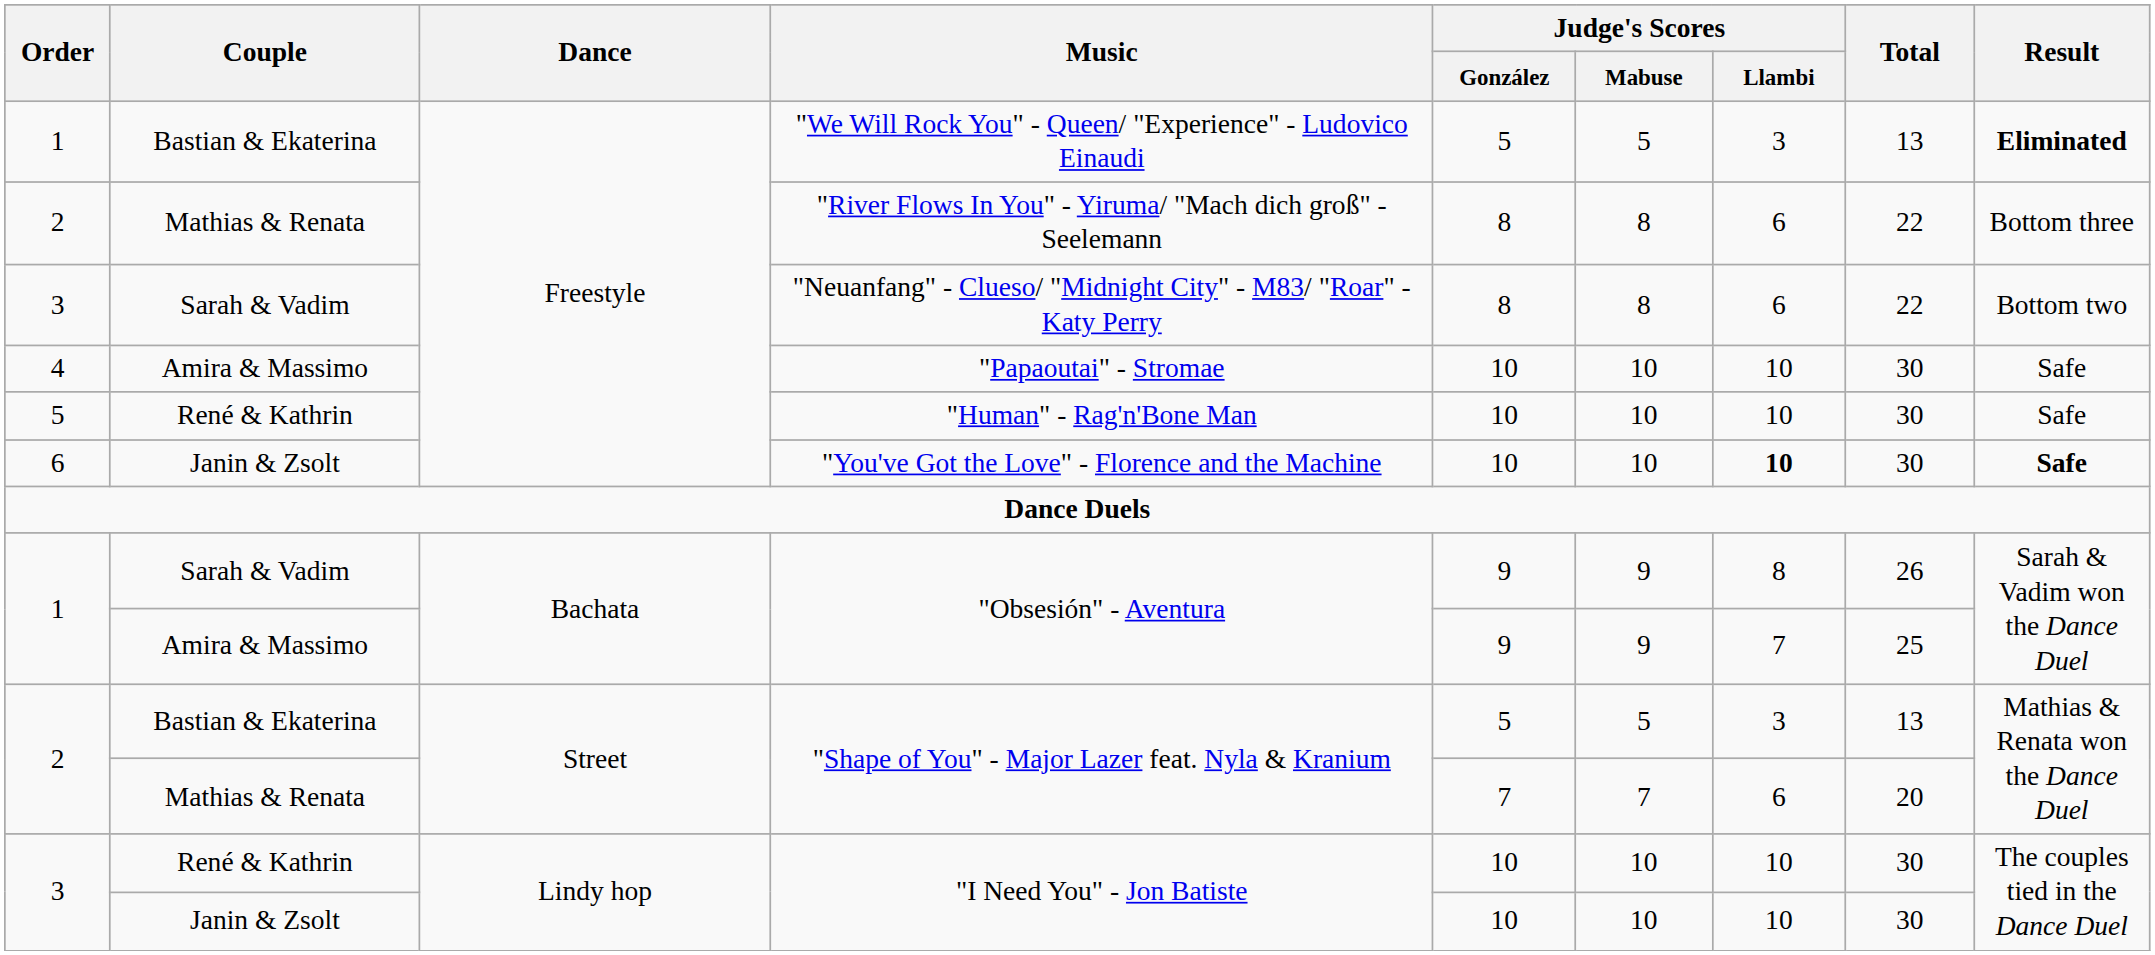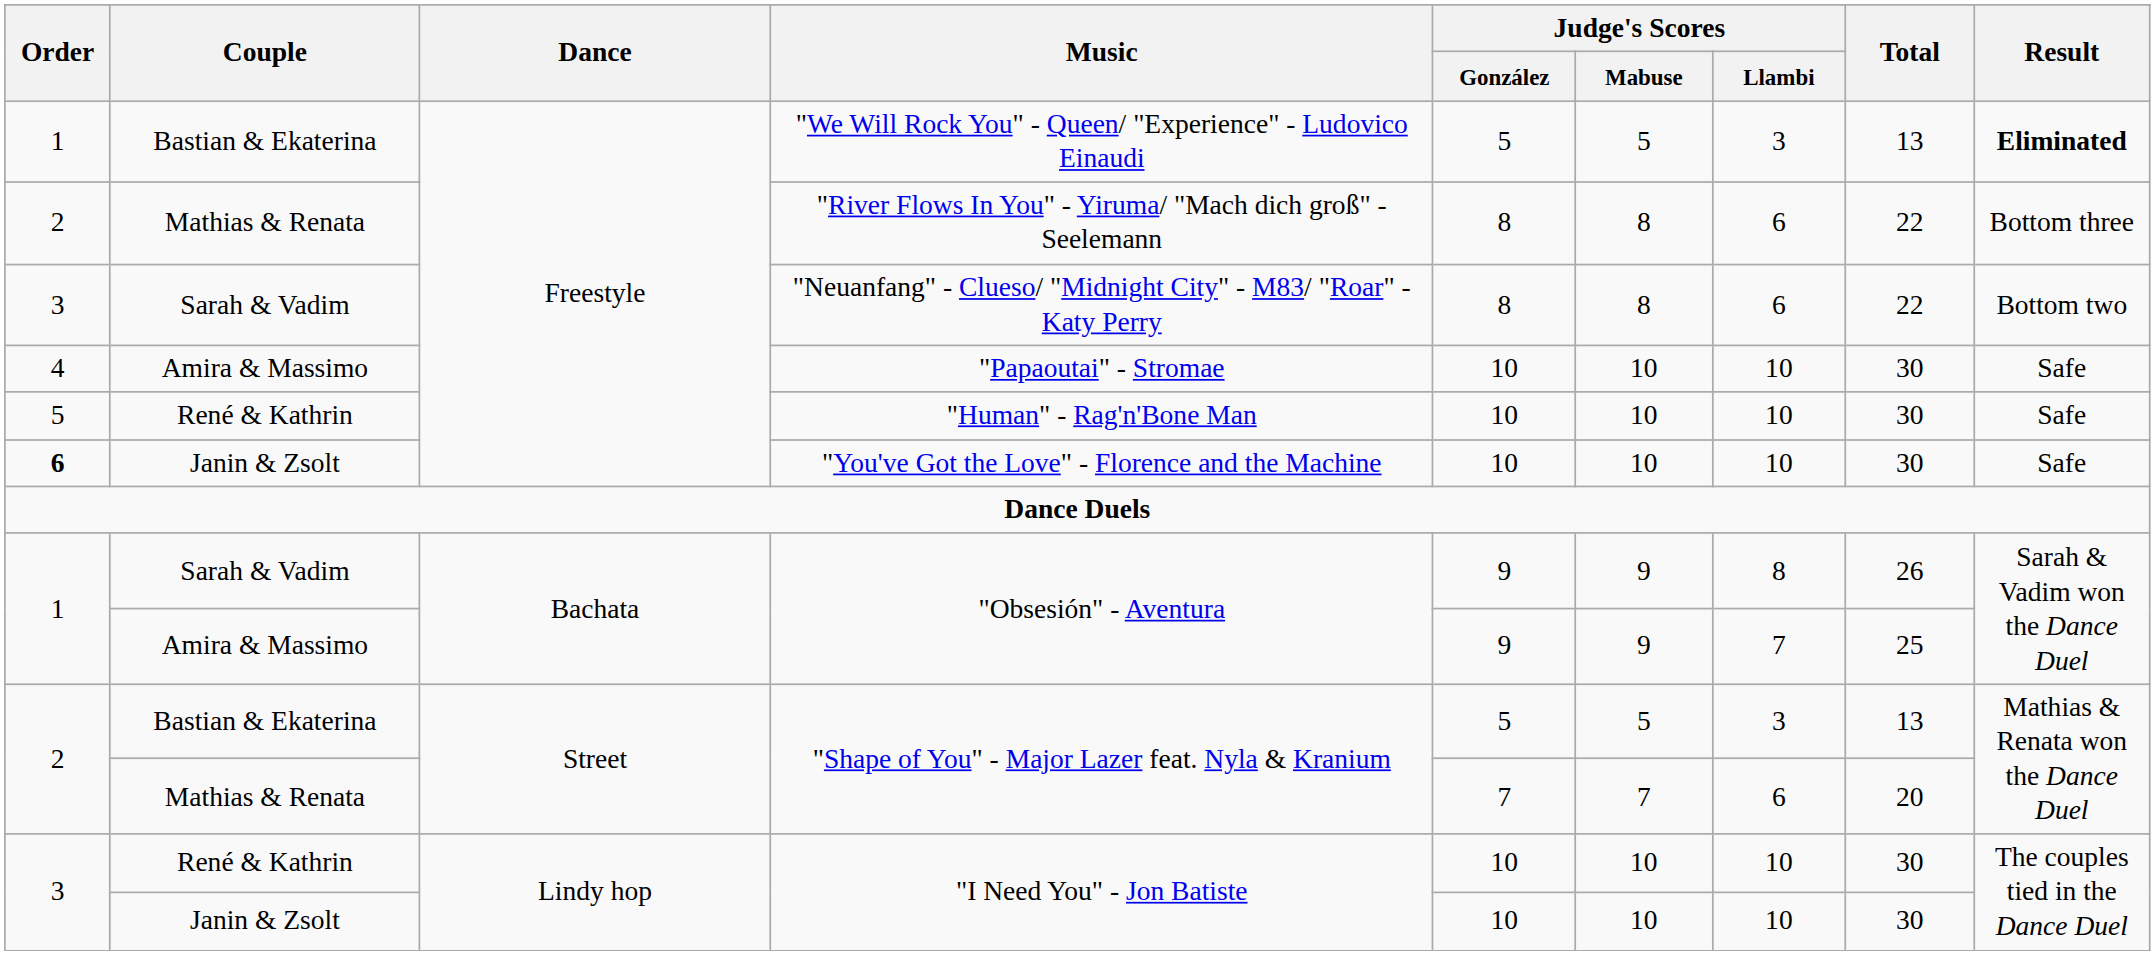 <table class="wikitable center sortable" style="text-align:center; font-size:100%; line-height:20px;">
 <tr>
 <th rowspan="2" style="width: 4em">Order</th>
 <th rowspan="2" style="width: 17em">Couple</th>
 <th rowspan="2" style="width: 20em">Dance</th>
 <th rowspan="2" style="width: 40em">Music</th>
 <th colspan="3">Judge's Scores</th>
 <th rowspan="2" style="width: 6em">Total</th>
 <th rowspan="2" style="width: 7em">Result</th>
 </tr>
 <tr>
 <th style="width: 6em"><small>González</small></th>
 <th style="width: 6em"><small>Mabuse</small></th>
 <th style="width: 6em"><small>Llambi</small></th>
 </tr>
 <tr>
 <td>1</td>
 <td>Bastian & Ekaterina</td>
 <td rowspan="6">Freestyle</td>
 <td>"<a href='#'>We Will Rock You</a>" - <a href='#'>Queen</a>/ "Experience" - <a href='#'>Ludovico Einaudi</a></td>
 <td>5</td>
 <td>5</td>
 <td>3</td>
 <td>13</td>
 <td><strong>Eliminated</strong></td>
 </tr>
 <tr>
 <td>2</td>
 <td>Mathias & Renata</td>
 <td>"<a href='#'>River Flows In You</a>" - <a href='#'>Yiruma</a>/ "Mach dich groß" - Seelemann</td>
 <td>8</td>
 <td>8</td>
 <td>6</td>
 <td>22</td>
 <td>Bottom three</td>
 </tr>
 <tr>
 <td>3</td>
 <td>Sarah & Vadim</td>
 <td>"Neuanfang" - <a href='#'>Clueso</a>/ "<a href='#'>Midnight City</a>" - <a href='#'>M83</a>/ "<a href='#'>Roar</a>" - <a href='#'>Katy Perry</a></td>
 <td>8</td>
 <td>8</td>
 <td>6</td>
 <td>22</td>
 <td>Bottom two</td>
 </tr>
 <tr>
 <td>4</td>
 <td>Amira & Massimo</td>
 <td>"<a href='#'>Papaoutai</a>" - <a href='#'>Stromae</a></td>
 <td>10</td>
 <td>10</td>
 <td>10</td>
 <td>30</td>
 <td>Safe</td>
 </tr>
 <tr>
 <td>5</td>
 <td>René & Kathrin</td>
 <td>"<a href='#'>Human</a>" - <a href='#'>Rag'n'Bone Man</a></td>
 <td>10</td>
 <td>10</td>
 <td>10</td>
 <td>30</td>
 <td>Safe</td>
 </tr>
 <tr>
-<td>6</td>
+<td><strong>6</strong></td>
 <td>Janin & Zsolt</td>
 <td>"<a href='#'>You've Got the Love</a>" - <a href='#'>Florence and the Machine</a></td>
 <td>10</td>
 <td>10</td>
-<td><strong>10</strong></td>
+<td>10</td>
 <td>30</td>
-<td><strong>Safe</strong></td>
+<td>Safe</td>
 </tr>
 <tr>
 <td colspan="9"><strong>Dance Duels</strong></td>
 </tr>
 <tr>
 <td rowspan="2">1</td>
 <td>Sarah & Vadim</td>
 <td rowspan="2">Bachata</td>
 <td rowspan="2">"Obsesión" - <a href='#'>Aventura</a></td>
 <td>9</td>
 <td>9</td>
 <td>8</td>
 <td>26</td>
 <td rowspan="2">Sarah & Vadim won the <em>Dance Duel</em></td>
 </tr>
 <tr>
 <td>Amira & Massimo</td>
 <td>9</td>
 <td>9</td>
 <td>7</td>
 <td>25</td>
 </tr>
 <tr>
 <td rowspan="2">2</td>
 <td>Bastian & Ekaterina</td>
 <td rowspan="2">Street</td>
 <td rowspan="2">"<a href='#'>Shape of You</a>" - <a href='#'>Major Lazer</a> feat. <a href='#'>Nyla</a> & <a href='#'>Kranium</a></td>
 <td>5</td>
 <td>5</td>
 <td>3</td>
 <td>13</td>
 <td rowspan="2">Mathias & Renata won the <em>Dance Duel</em></td>
 </tr>
 <tr>
 <td>Mathias & Renata</td>
 <td>7</td>
 <td>7</td>
 <td>6</td>
 <td>20</td>
 </tr>
 <tr>
 <td rowspan="2">3</td>
 <td>René & Kathrin</td>
 <td rowspan="2">Lindy hop</td>
 <td rowspan="2">"I Need You" - <a href='#'>Jon Batiste</a></td>
 <td>10</td>
 <td>10</td>
 <td>10</td>
 <td>30</td>
 <td rowspan="2">The couples tied in the <em>Dance Duel</em></td>
 </tr>
 <tr>
 <td>Janin & Zsolt</td>
 <td>10</td>
 <td>10</td>
 <td>10</td>
 <td>30</td>
 </tr>
 </table>
